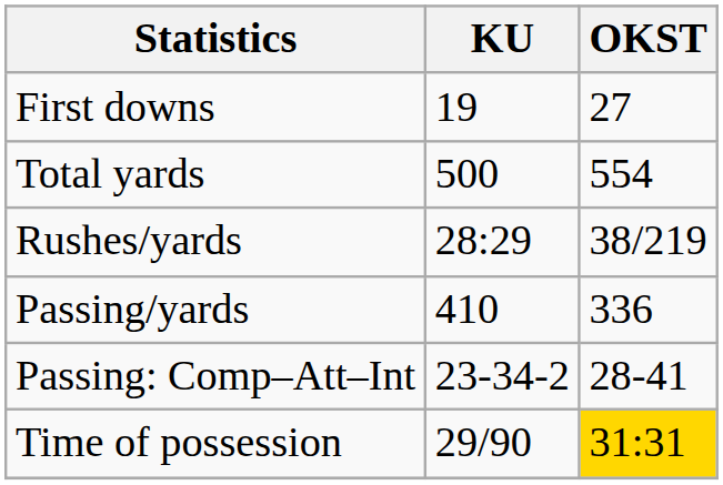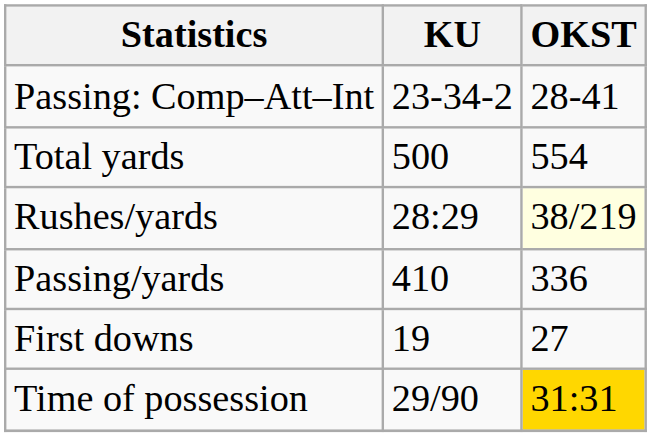 <table class="wikitable" style="float: left;">
 <tr>
 <th>Statistics</th>
 <th>KU</th>
 <th>OKST</th>
 </tr>
 <tr>
-<td>First downs</td>
-<td>19</td>
-<td>27</td>
+<td>Passing: Comp–Att–Int</td>
+<td>23-34-2</td>
+<td>28-41</td>
 </tr>
 <tr>
 <td>Total yards</td>
 <td>500</td>
 <td>554</td>
 </tr>
 <tr>
 <td>Rushes/yards</td>
 <td>28:29</td>
-<td>38/219</td>
+<td style="background: lightyellow;">38/219</td>
 </tr>
 <tr>
 <td>Passing/yards</td>
 <td>410</td>
 <td>336</td>
 </tr>
 <tr>
-<td>Passing: Comp–Att–Int</td>
-<td>23-34-2</td>
-<td>28-41</td>
+<td>First downs</td>
+<td>19</td>
+<td>27</td>
 </tr>
 <tr>
 <td>Time of possession</td>
 <td>29/90</td>
 <td style="background: gold;">31:31</td>
 </tr>
 <tr>
 </tr>
 </table>
